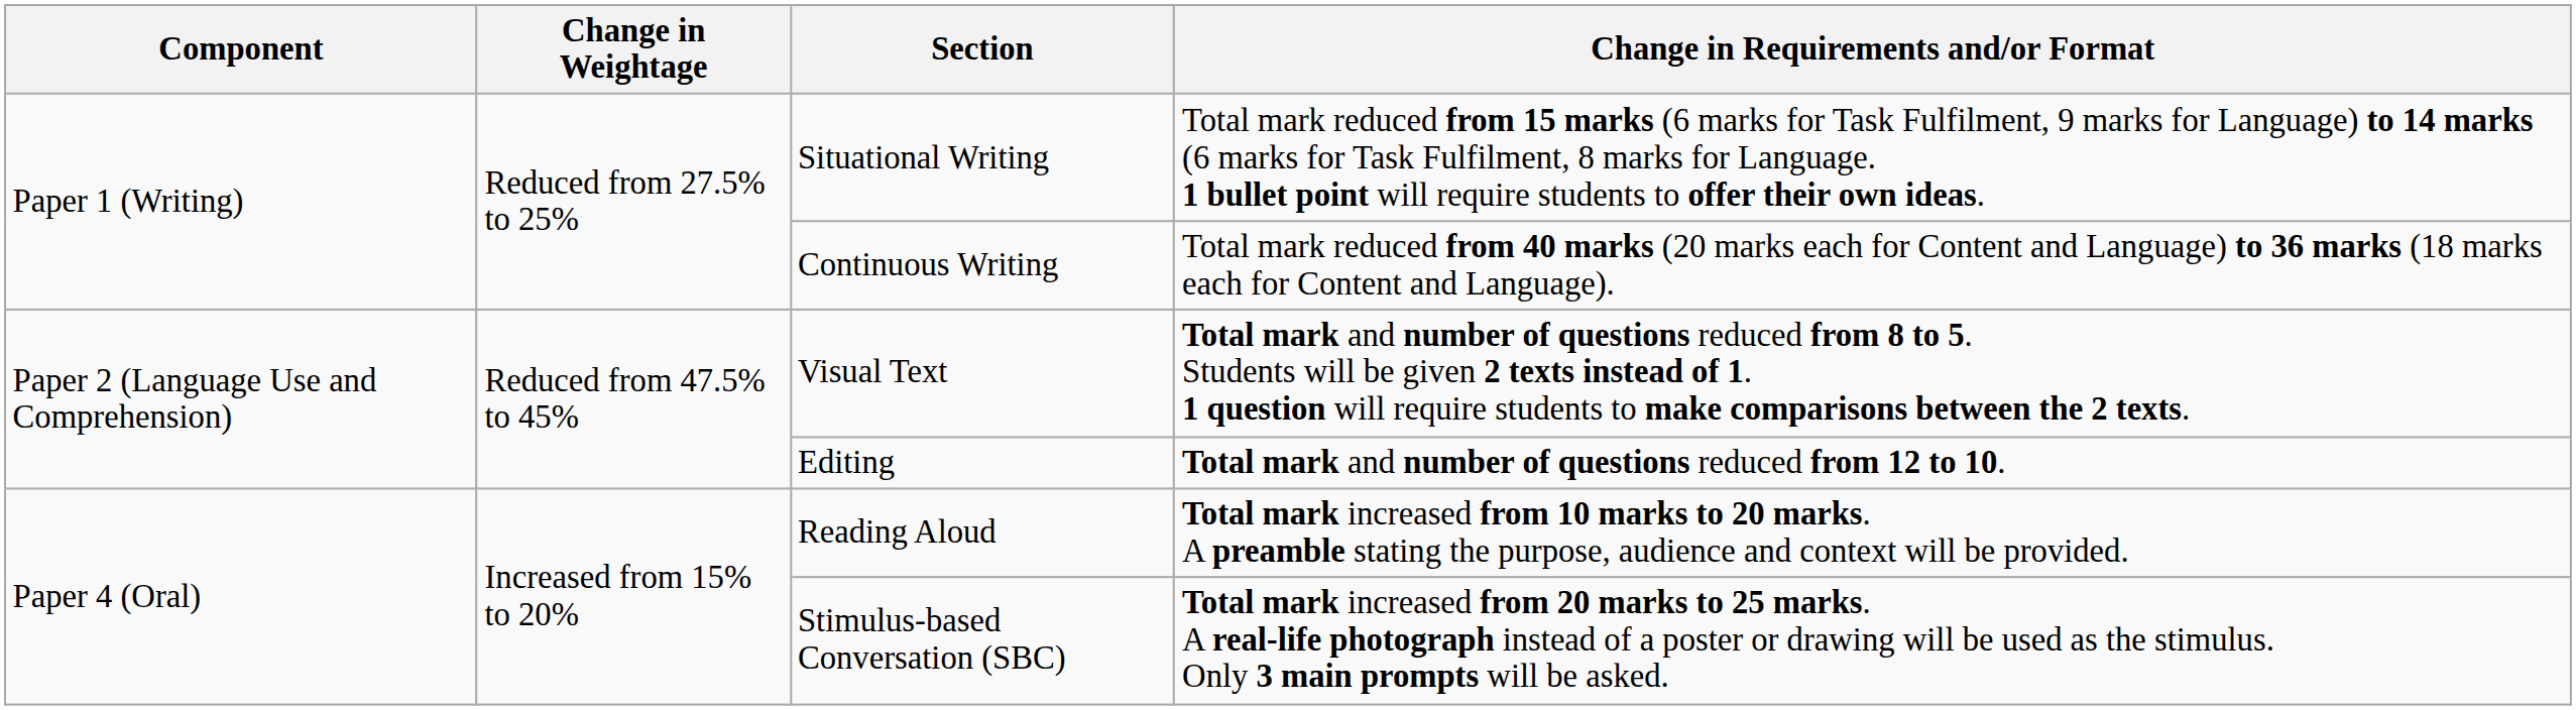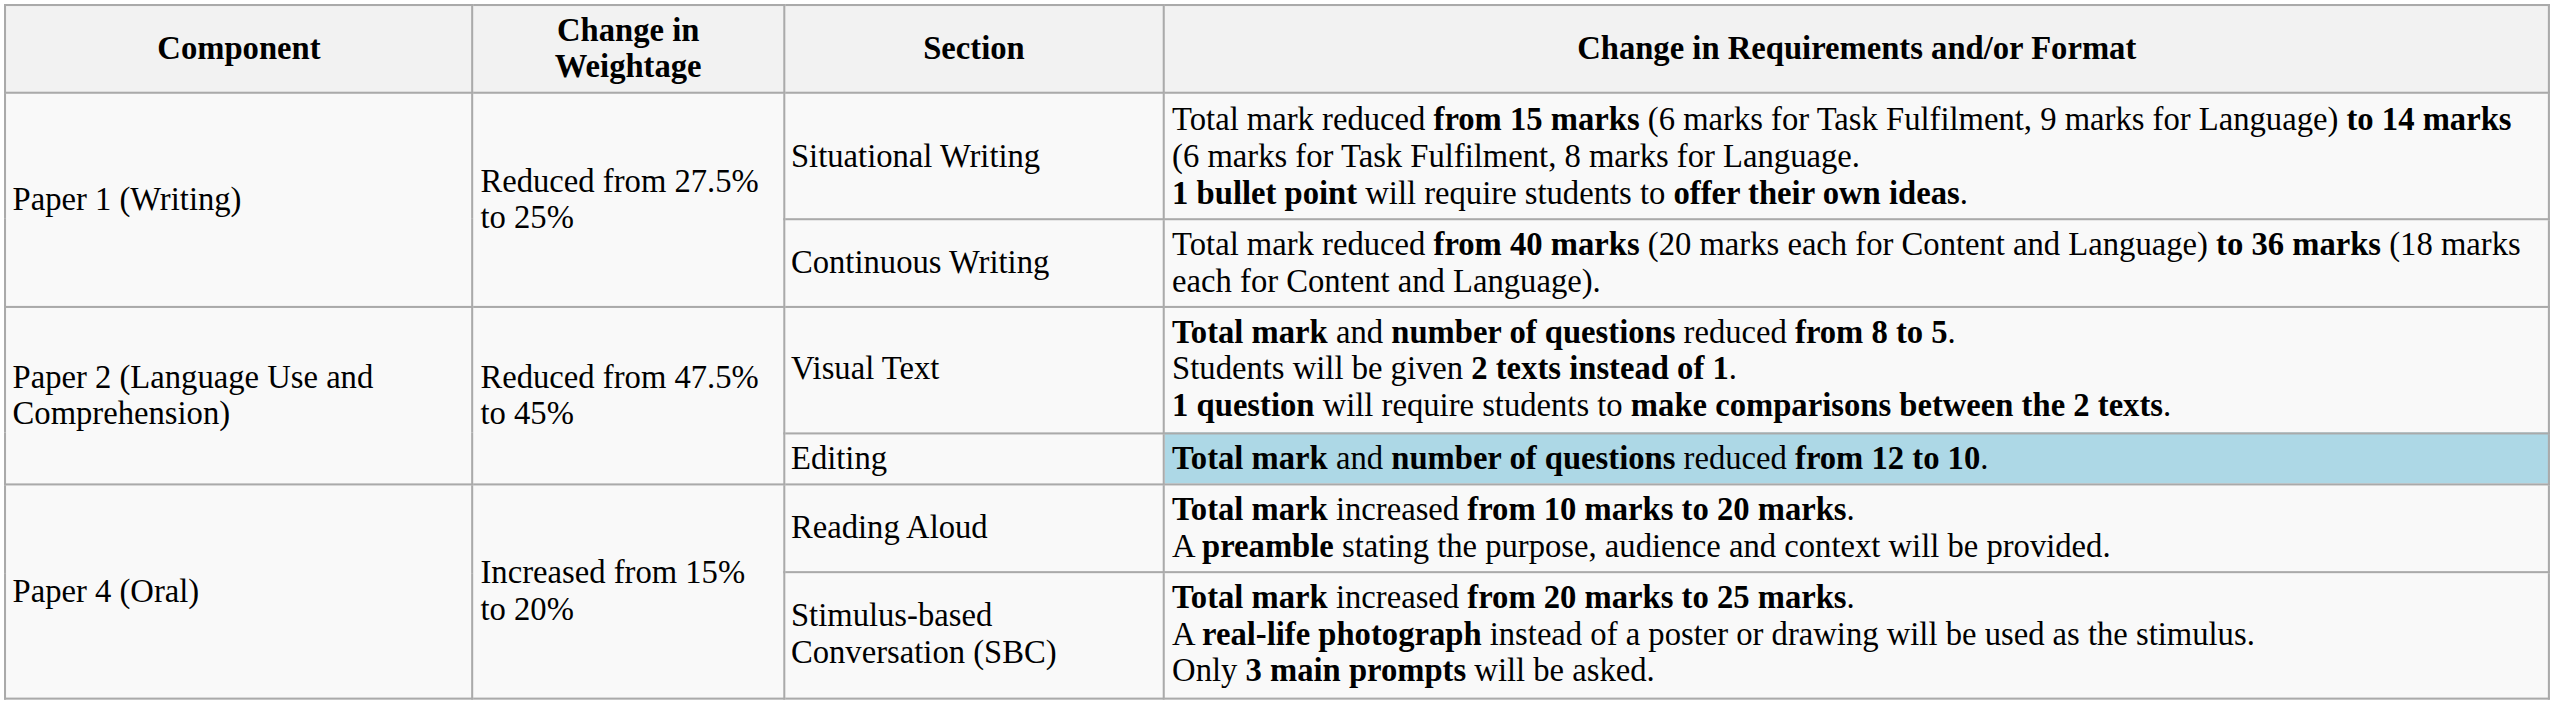 <table class="wikitable">
 <tr>
 <th>Component</th>
 <th>Change in Weightage</th>
 <th>Section</th>
 <th>Change in Requirements and/or Format</th>
 </tr>
 <tr>
 <td rowspan="2">Paper 1 (Writing)</td>
 <td rowspan="2">Reduced from 27.5% to 25%</td>
 <td>Situational Writing</td>
 <td>Total mark reduced <strong>from</strong> <strong>15 marks</strong> (6 marks for Task Fulfilment, 9 marks for Language) <strong>to 14 marks</strong> (6 marks for Task Fulfilment, 8 marks for Language.<br><strong>1 bullet point</strong> will require students to <strong>offer their own ideas</strong>.</td>
 </tr>
 <tr>
 <td>Continuous Writing</td>
 <td>Total mark reduced <strong>from 40 marks</strong> (20 marks each for Content and Language) <strong>to 36 marks</strong> (18 marks each for Content and Language).</td>
 </tr>
 <tr>
 <td rowspan="2">Paper 2 (Language Use and Comprehension)</td>
 <td rowspan="2">Reduced from 47.5% to 45%</td>
 <td>Visual Text</td>
 <td><strong>Total mark</strong> and <strong>number of questions</strong> reduced <strong>from 8 to 5</strong>.<br>Students will be given <strong>2 texts instead of 1</strong>.<br><strong>1 question</strong> will require students to <strong>make comparisons between the 2 texts</strong>.</td>
 </tr>
 <tr>
 <td>Editing</td>
-<td><strong>Total mark</strong> and <strong>number of questions</strong> reduced <strong>from 12 to 10</strong>.</td>
+<td style="background: lightblue;"><strong>Total mark</strong> and <strong>number of questions</strong> reduced <strong>from 12 to 10</strong>.</td>
 </tr>
 <tr>
 <td rowspan="2">Paper 4 (Oral)</td>
 <td rowspan="2">Increased from 15% to 20%</td>
 <td>Reading Aloud</td>
 <td><strong>Total mark</strong> increased <strong>from 10 marks to 20 marks</strong>.<br>A <strong>preamble</strong> stating the purpose, audience and context will be provided.</td>
 </tr>
 <tr>
 <td>Stimulus-based Conversation (SBC)</td>
 <td><strong>Total mark</strong> increased <strong>from 20 marks to 25 marks</strong>.<br>A <strong>real-life photograph</strong> instead of a poster or drawing will be used as the stimulus.<br>Only <strong>3 main prompts</strong> will be asked.</td>
 </tr>
 </table>
